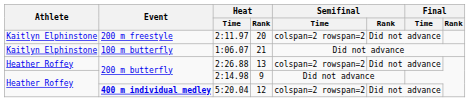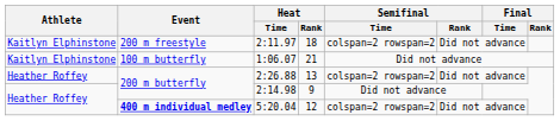 <table class=wikitable style=font-size:90%>
 <tr>
 <th rowspan=2>Athlete</th>
 <th rowspan=2>Event</th>
 <th colspan=2>Heat</th>
 <th colspan=2>Semifinal</th>
 <th colspan=2>Final</th>
 </tr>
 <tr style=font-size:95%>
 <th>Time</th>
 <th>Rank</th>
 <th>Time</th>
 <th>Rank</th>
 <th>Time</th>
 <th>Rank</th>
 </tr>
 <tr align=center>
 <td align=left><a href='#'>Kaitlyn Elphinstone</a></td>
 <td align=left><a href='#'>200 m freestyle</a></td>
 <td>2:11.97</td>
-<td>20</td>
+<td>18</td>
 <td>colspan=2 rowspan=2 </td>
 <td colspan=2>Did not advance</td>
 </tr>
 <tr align=center>
 <td align=left><a href='#'>Kaitlyn Elphinstone</a></td>
 <td align=left><a href='#'>100 m butterfly</a></td>
 <td>1:06.07</td>
 <td>21</td>
 <td colspan=4>Did not advance</td>
 </tr>
 <tr align=center>
 <td align=left><a href='#'>Heather Roffey</a></td>
 <td align=left rowspan=2><a href='#'>200 m butterfly</a></td>
 <td>2:26.88</td>
 <td>13</td>
 <td>colspan=2 rowspan=2 </td>
 <td colspan=2>Did not advance</td>
 </tr>
 <tr align=center>
 <td align=left rowspan=2><a href='#'>Heather Roffey</a></td>
 <td>2:14.98</td>
 <td>9</td>
 <td colspan=2>Did not advance</td>
 </tr>
 <tr align=center>
 <td align=left><strong><a href='#'>400 m individual medley</a></strong></td>
 <td>5:20.04</td>
 <td>12</td>
 <td>colspan=2 rowspan=2 </td>
 <td colspan=2>Did not advance</td>
 </tr>
 </table>
